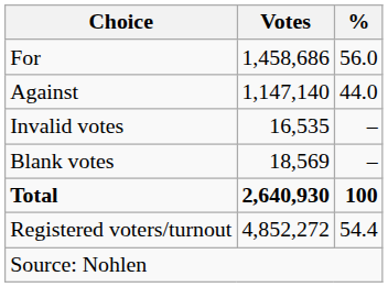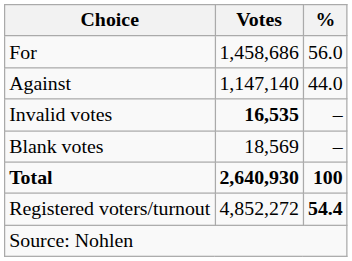 <table class=wikitable style=text-align:right>
 <tr>
 <th>Choice</th>
 <th>Votes</th>
 <th>%</th>
 </tr>
 <tr>
 <td align=left>For</td>
 <td>1,458,686</td>
 <td>56.0</td>
 </tr>
 <tr>
 <td align=left>Against</td>
 <td>1,147,140</td>
 <td>44.0</td>
 </tr>
 <tr>
 <td align=left>Invalid votes</td>
-<td>16,535</td>
+<td><strong>16,535</strong></td>
 <td>–</td>
 </tr>
 <tr>
 <td align=left>Blank votes</td>
 <td>18,569</td>
 <td>–</td>
 </tr>
 <tr>
 <td align=left><strong>Total</strong></td>
 <td><strong>2,640,930</strong></td>
 <td><strong>100</strong></td>
 </tr>
 <tr>
 <td align=left>Registered voters/turnout</td>
 <td>4,852,272</td>
-<td>54.4</td>
+<td><strong>54.4</strong></td>
 </tr>
 <tr>
 <td align=left colspan=3>Source: Nohlen</td>
 </tr>
 </table>
